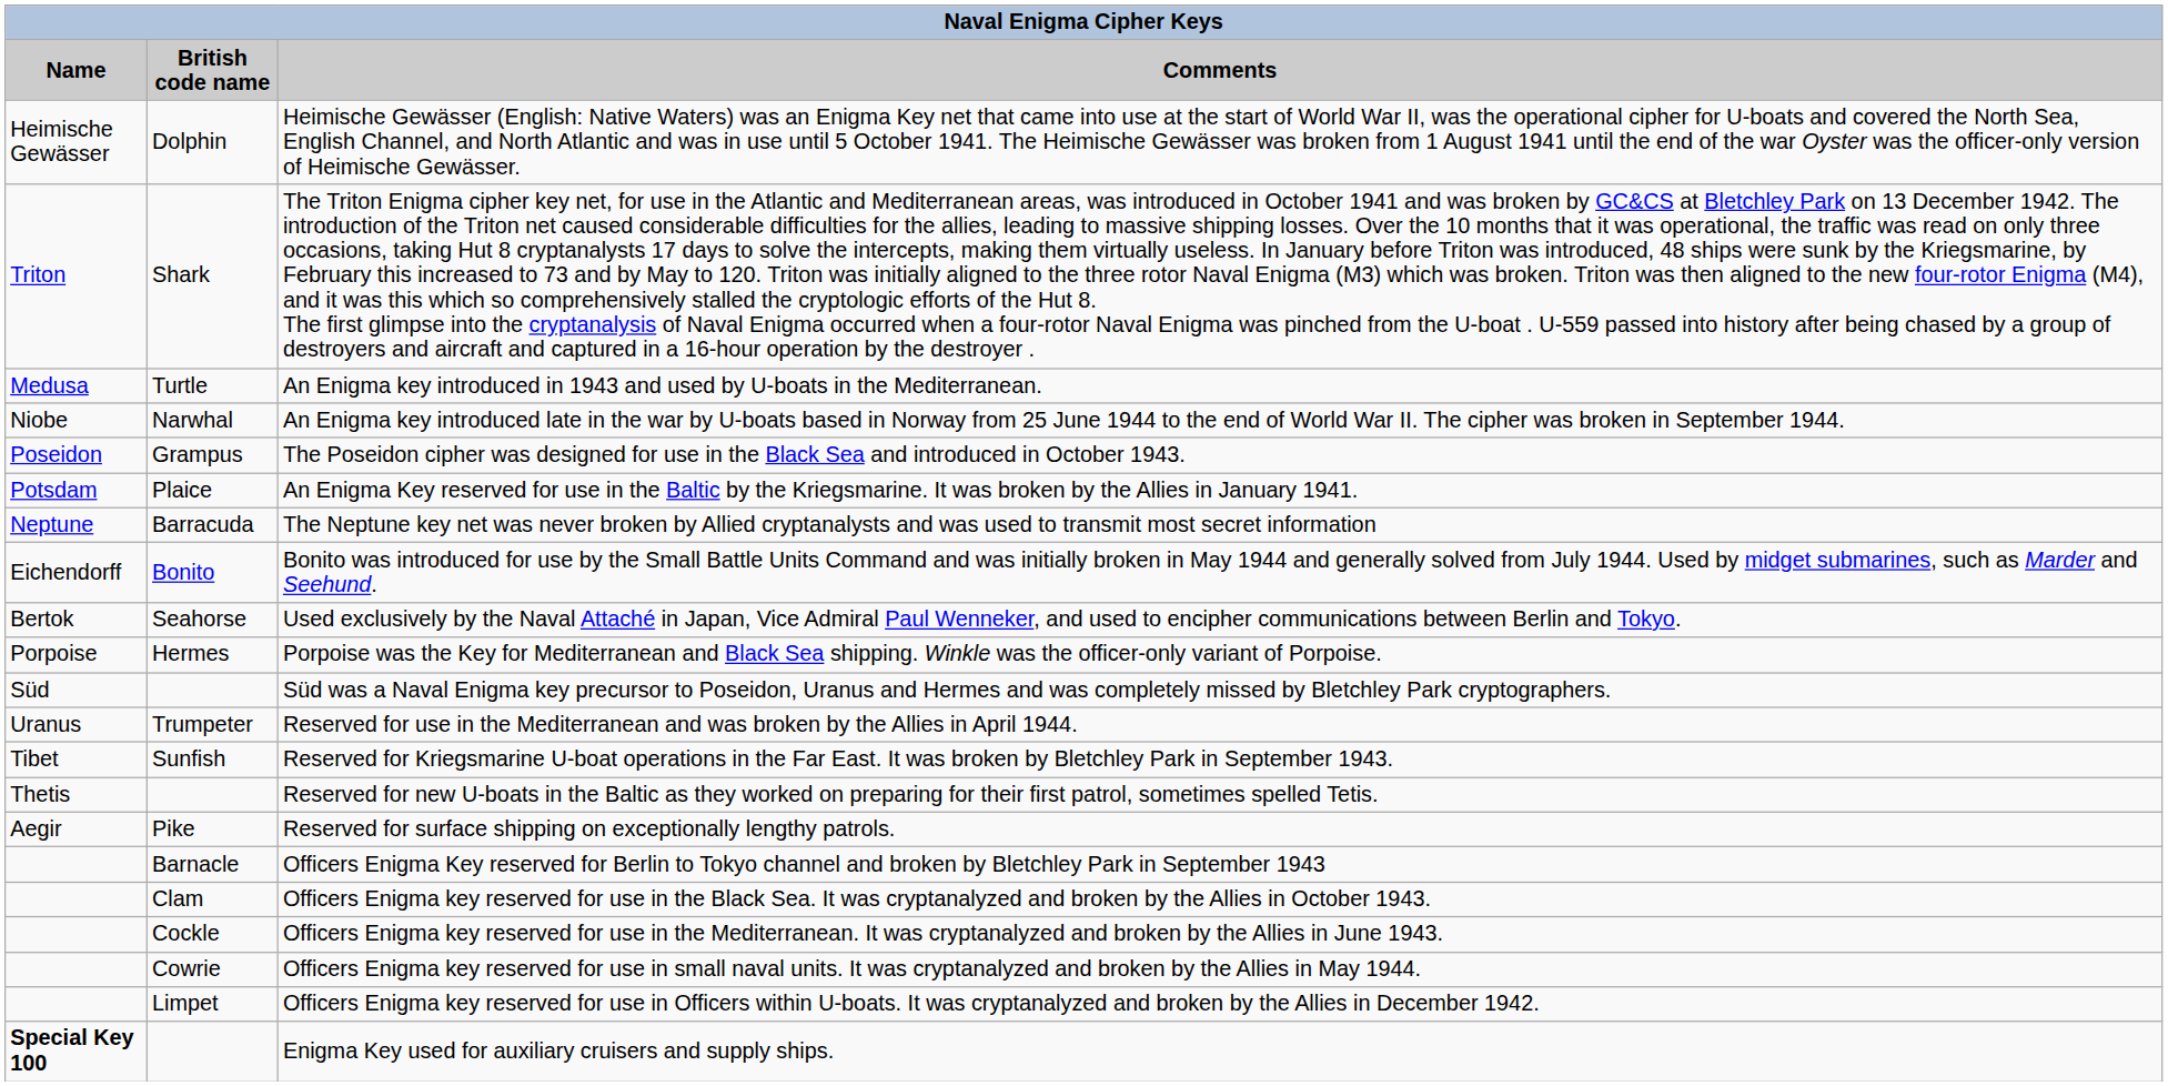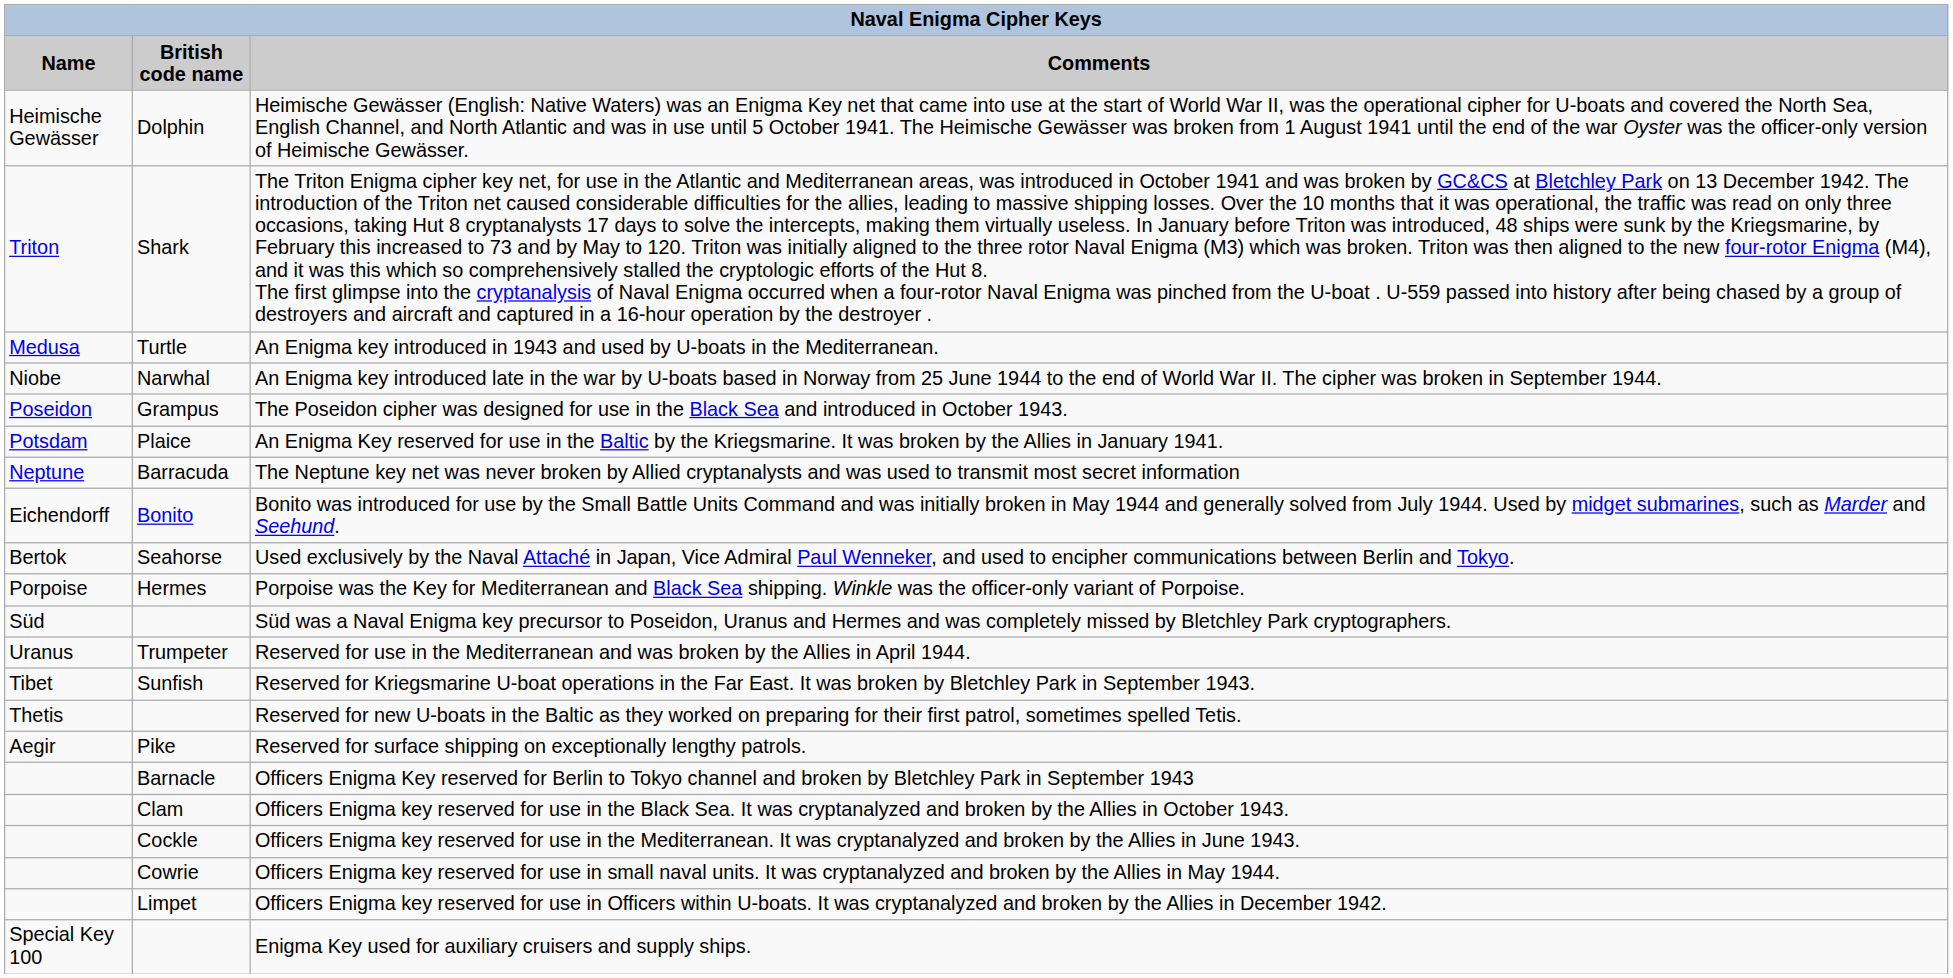 <table class="wikitable">
 <tr>
 <th colspan=5 style="background:LightSteelBlue"><strong>Naval Enigma Cipher Keys</strong></th>
 </tr>
 <tr>
 <th style="text-align: center;background:#ccc">Name</th>
 <th style="text-align: center;background:#ccc">British code name</th>
 <th style="text-align: center;background:#ccc">Comments</th>
 </tr>
 <tr>
 <td>Heimische Gewässer</td>
 <td>Dolphin</td>
 <td>Heimische Gewässer (English: Native Waters) was an Enigma Key net that came into use at the start of World War II, was the operational cipher for U-boats and covered the North Sea, English Channel, and North Atlantic and was in use until 5 October 1941. The Heimische Gewässer was broken from 1 August 1941 until the end of the war <em>Oyster</em> was the officer-only version of Heimische Gewässer.</td>
 </tr>
 <tr>
 <td><a href='#'>Triton</a></td>
 <td>Shark</td>
 <td>The Triton Enigma cipher key net, for use in the Atlantic and Mediterranean areas, was introduced in October 1941 and was broken by <a href='#'>GC&CS</a> at <a href='#'>Bletchley Park</a> on 13 December 1942. The introduction of the Triton net caused considerable difficulties for the allies, leading to massive shipping losses. Over the 10 months that it was operational, the traffic was read on only three occasions, taking Hut 8 cryptanalysts 17 days to solve the intercepts, making them virtually useless. In January before Triton was introduced, 48 ships were sunk by the Kriegsmarine, by February this increased to 73 and by May to 120. Triton was initially aligned to the three rotor Naval Enigma (M3) which was broken. Triton was then aligned to the new <a href='#'>four-rotor Enigma</a> (M4), and it was this which so comprehensively stalled the cryptologic efforts of the Hut 8.<br>The first glimpse into the <a href='#'>cryptanalysis</a> of Naval Enigma occurred when a four-rotor Naval Enigma was pinched from the U-boat . U-559 passed into history after being chased by a group of destroyers and aircraft and captured in a 16-hour operation by the destroyer .</td>
 </tr>
 <tr>
 <td><a href='#'>Medusa</a></td>
 <td>Turtle</td>
 <td>An Enigma key introduced in 1943 and used by U-boats in the Mediterranean.</td>
 </tr>
 <tr>
 <td>Niobe</td>
 <td>Narwhal</td>
 <td>An Enigma key introduced late in the war by U-boats based in Norway from 25 June 1944 to the end of World War II. The cipher was broken in September 1944.</td>
 </tr>
 <tr>
 <td><a href='#'>Poseidon</a></td>
 <td>Grampus</td>
 <td>The Poseidon cipher was designed for use in the <a href='#'>Black Sea</a> and introduced in October 1943.</td>
 </tr>
 <tr>
 <td><a href='#'>Potsdam</a></td>
 <td>Plaice</td>
 <td>An Enigma Key reserved for use in the <a href='#'>Baltic</a> by the Kriegsmarine. It was broken by the Allies in January 1941.</td>
 </tr>
 <tr>
 <td><a href='#'>Neptune</a></td>
 <td>Barracuda</td>
 <td>The Neptune key net was never broken by Allied cryptanalysts and was used to transmit most secret information</td>
 </tr>
 <tr>
 <td>Eichendorff</td>
 <td><a href='#'>Bonito</a></td>
 <td>Bonito was introduced for use by the Small Battle Units Command and was initially broken in May 1944 and generally solved from July 1944. Used by <a href='#'>midget submarines</a>, such as <em><a href='#'>Marder</a></em> and <em><a href='#'>Seehund</a></em>.</td>
 </tr>
 <tr>
 <td>Bertok</td>
 <td>Seahorse</td>
 <td>Used exclusively by the Naval <a href='#'>Attaché</a> in Japan, Vice Admiral <a href='#'>Paul Wenneker</a>, and used to encipher communications between Berlin and <a href='#'>Tokyo</a>.</td>
 </tr>
 <tr>
 <td>Porpoise</td>
 <td>Hermes</td>
 <td>Porpoise was the Key for Mediterranean and <a href='#'>Black Sea</a> shipping. <em>Winkle</em> was the officer-only variant of Porpoise.</td>
 </tr>
 <tr>
 <td>Süd</td>
 <td></td>
 <td>Süd was a Naval Enigma key precursor to Poseidon, Uranus and Hermes and was completely missed by Bletchley Park cryptographers.</td>
 </tr>
 <tr>
 <td>Uranus</td>
 <td>Trumpeter</td>
 <td>Reserved for use in the Mediterranean and was broken by the Allies in April 1944.</td>
 </tr>
 <tr>
 <td>Tibet</td>
 <td>Sunfish</td>
 <td>Reserved for Kriegsmarine U-boat operations in the Far East. It was broken by Bletchley Park in September 1943.</td>
 </tr>
 <tr>
 <td>Thetis</td>
 <td></td>
 <td>Reserved for new U-boats in the Baltic as they worked on preparing for their first patrol, sometimes spelled Tetis.</td>
 </tr>
 <tr>
 <td>Aegir</td>
 <td>Pike</td>
 <td>Reserved for surface shipping on exceptionally lengthy patrols.</td>
 </tr>
 <tr>
 <td></td>
 <td>Barnacle</td>
 <td>Officers Enigma Key reserved for Berlin to Tokyo channel and broken by Bletchley Park in September 1943</td>
 </tr>
 <tr>
 <td></td>
 <td>Clam</td>
 <td>Officers Enigma key reserved for use in the Black Sea. It was cryptanalyzed and broken by the Allies in October 1943.</td>
 </tr>
 <tr>
 <td></td>
 <td>Cockle</td>
 <td>Officers Enigma key reserved for use in the Mediterranean. It was cryptanalyzed and broken by the Allies in June 1943.</td>
 </tr>
 <tr>
 <td></td>
 <td>Cowrie</td>
 <td>Officers Enigma key reserved for use in small naval units. It was cryptanalyzed and broken by the Allies in May 1944.</td>
 </tr>
 <tr>
 <td></td>
 <td>Limpet</td>
 <td>Officers Enigma key reserved for use in Officers within U-boats. It was cryptanalyzed and broken by the Allies in December 1942.</td>
 </tr>
 <tr>
-<td><strong>Special Key 100</strong></td>
+<td>Special Key 100</td>
 <td></td>
 <td>Enigma Key used for auxiliary cruisers and supply ships.</td>
 </tr>
 </table>
